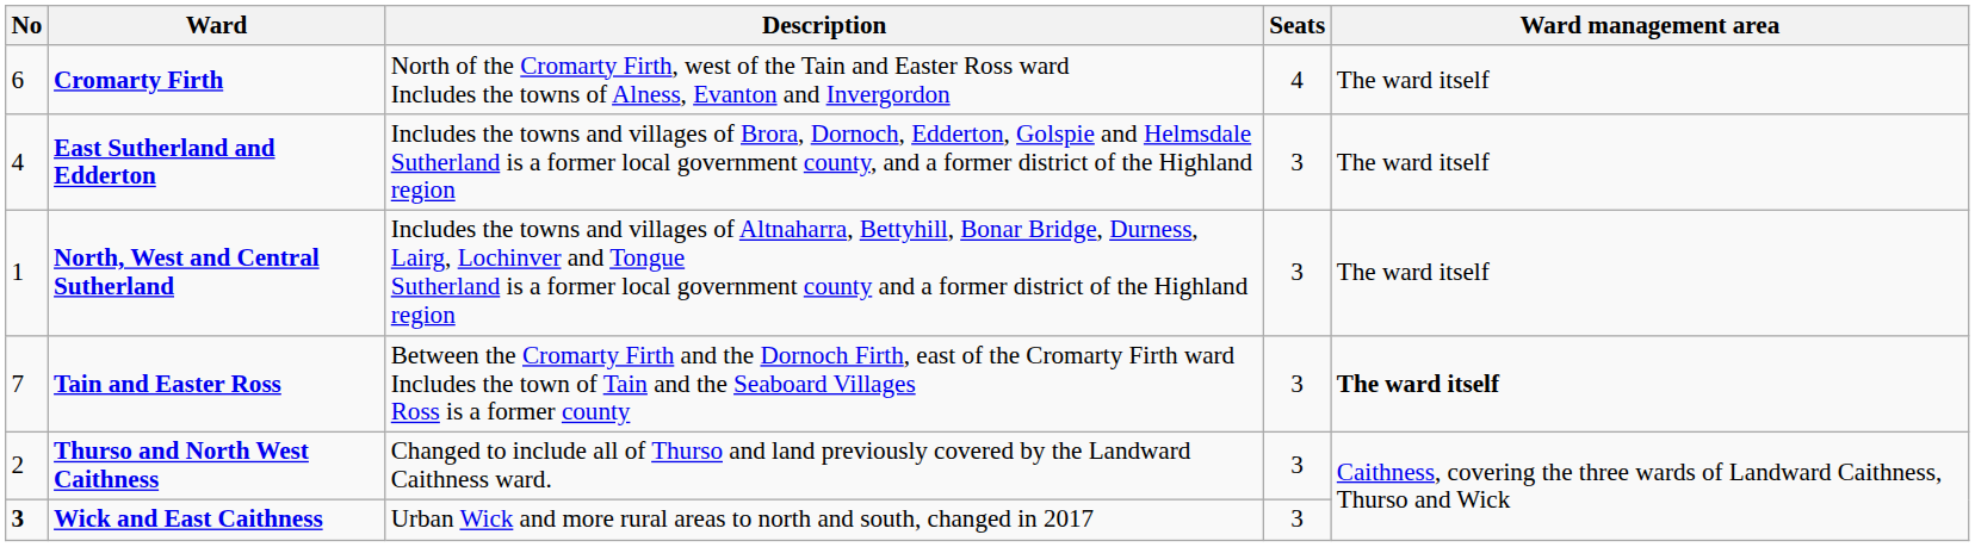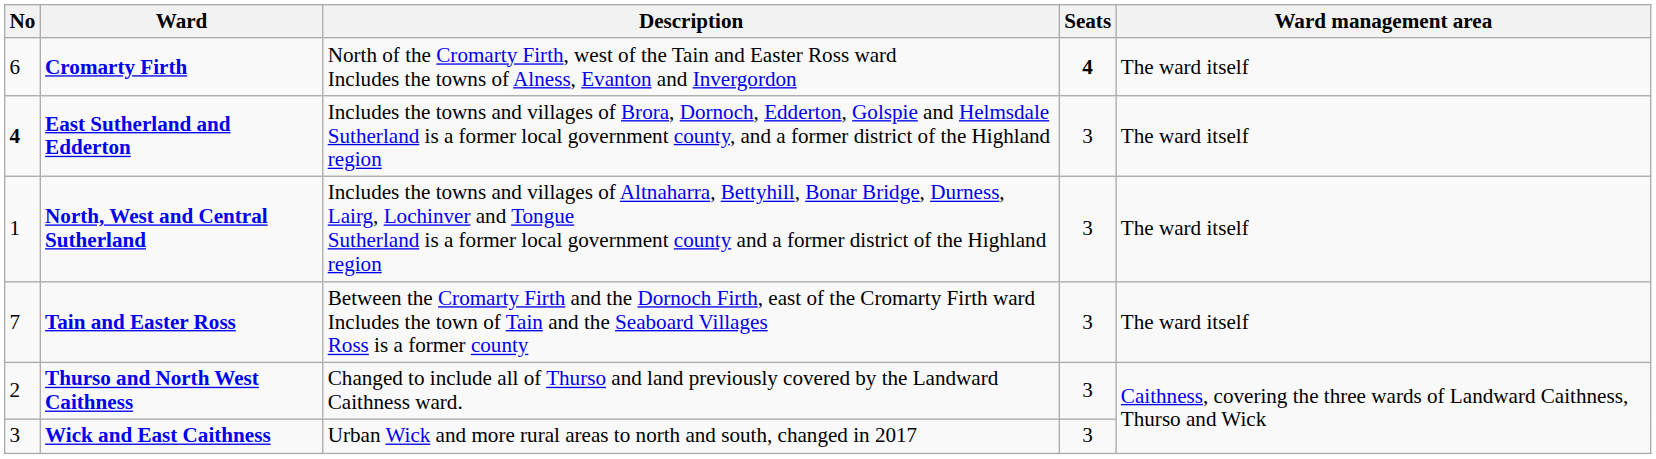 <table class="wikitable">
 <tr>
 <th>No</th>
 <th>Ward</th>
 <th>Description</th>
 <th>Seats</th>
 <th>Ward management area</th>
 </tr>
 <tr>
 <td>6</td>
 <td><strong><a href='#'>Cromarty Firth</a></strong></td>
 <td>North of the <a href='#'>Cromarty Firth</a>, west of the Tain and Easter Ross ward <br> Includes the towns of <a href='#'>Alness</a>, <a href='#'>Evanton</a> and <a href='#'>Invergordon</a></td>
-<td align=center>4</td>
+<td align=center><strong>4</strong></td>
 <td>The ward itself</td>
 </tr>
 <tr>
-<td>4</td>
+<td><strong>4</strong></td>
 <td><strong><a href='#'>East Sutherland and Edderton</a></strong></td>
 <td>Includes the towns and villages of <a href='#'>Brora</a>, <a href='#'>Dornoch</a>, <a href='#'>Edderton</a>, <a href='#'>Golspie</a> and <a href='#'>Helmsdale</a> <br> <a href='#'>Sutherland</a> is a former local government <a href='#'>county</a>, and a former district of the Highland <a href='#'>region</a></td>
 <td align=center>3</td>
 <td>The ward itself</td>
 </tr>
 <tr>
 <td>1</td>
 <td><strong><a href='#'>North, West and Central Sutherland</a></strong></td>
 <td>Includes the towns and villages of <a href='#'>Altnaharra</a>, <a href='#'>Bettyhill</a>, <a href='#'>Bonar Bridge</a>, <a href='#'>Durness</a>, <a href='#'>Lairg</a>, <a href='#'>Lochinver</a> and <a href='#'>Tongue</a> <br> <a href='#'>Sutherland</a> is a former local government <a href='#'>county</a> and a former district of the Highland <a href='#'>region</a></td>
 <td align=center>3</td>
 <td>The ward itself</td>
 </tr>
 <tr>
 <td>7</td>
 <td><strong><a href='#'>Tain and Easter Ross</a></strong></td>
 <td>Between the <a href='#'>Cromarty Firth</a> and the <a href='#'>Dornoch Firth</a>, east of the Cromarty Firth ward <br> Includes the town of  <a href='#'>Tain</a> and the <a href='#'>Seaboard Villages</a> <br> <a href='#'>Ross</a> is a former <a href='#'>county</a></td>
 <td align=center>3</td>
-<td><strong>The ward itself</strong></td>
+<td>The ward itself</td>
 </tr>
 <tr>
 <td>2</td>
 <td><strong><a href='#'>Thurso and North West Caithness</a></strong></td>
 <td>Changed to include all of <a href='#'>Thurso</a> and land previously covered by the Landward Caithness ward.</td>
 <td align=center>3</td>
 <td rowspan=2><a href='#'>Caithness</a>, covering the three wards of Landward Caithness, Thurso and Wick</td>
 </tr>
 <tr>
-<td><strong>3</strong></td>
+<td>3</td>
 <td><strong><a href='#'>Wick and East Caithness</a></strong></td>
 <td>Urban <a href='#'>Wick</a> and more rural areas to north and south, changed in 2017</td>
 <td align=center>3</td>
 </tr>
 </table>
